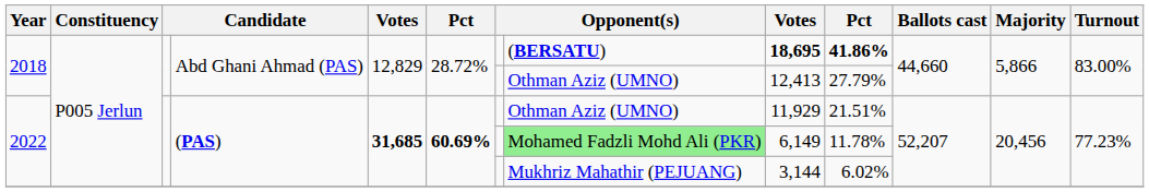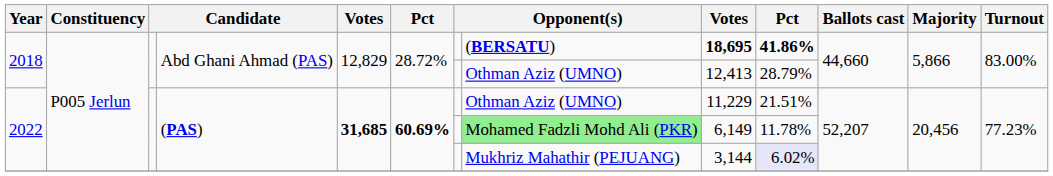 <table class="wikitable" style="margin:0.5em ; font-size:95%">
 <tr>
 <th>Year</th>
 <th>Constituency</th>
 <th colspan=2>Candidate</th>
 <th>Votes</th>
 <th>Pct</th>
 <th colspan=2>Opponent(s)</th>
 <th>Votes</th>
 <th>Pct</th>
 <th>Ballots cast</th>
 <th>Majority</th>
 <th>Turnout</th>
 </tr>
 <tr>
 <td rowspan=2><a href='#'>2018</a></td>
 <td rowspan=5>P005 <a href='#'>Jerlun</a></td>
 <td rowspan=2 ></td>
 <td rowspan=2>Abd Ghani Ahmad (<a href='#'>PAS</a>)</td>
 <td rowspan=2 align="right">12,829</td>
 <td rowspan=2>28.72%</td>
 <td></td>
 <td> (<a href='#'><strong>BERSATU</strong></a>)</td>
 <td align="right"><strong>18,695</strong></td>
 <td><strong>41.86%</strong></td>
 <td rowspan=2>44,660</td>
 <td rowspan=2>5,866</td>
 <td rowspan=2>83.00%</td>
 </tr>
 <tr>
 <td></td>
 <td><a href='#'>Othman Aziz</a> (<a href='#'>UMNO</a>)</td>
 <td align="right">12,413</td>
-<td>27.79%</td>
+<td>28.79%</td>
 </tr>
 <tr>
 <td rowspan=3><a href='#'>2022</a></td>
 <td rowspan=3 bgcolor=></td>
 <td rowspan=3> (<a href='#'><strong>PAS</strong></a>)</td>
 <td rowspan=3 align="right"><strong>31,685</strong></td>
 <td rowspan=3><strong>60.69%</strong></td>
 <td></td>
 <td><a href='#'>Othman Aziz</a> (<a href='#'>UMNO</a>)</td>
-<td align="right">11,929</td>
+<td align="right">11,229</td>
 <td>21.51%</td>
 <td rowspan=3>52,207</td>
 <td rowspan=3>20,456</td>
 <td rowspan=3>77.23%</td>
 </tr>
 <tr>
 <td></td>
 <td style="background: lightgreen;">Mohamed Fadzli Mohd Ali (<a href='#'>PKR</a>)</td>
 <td align="right">6,149</td>
 <td>11.78%</td>
 </tr>
 <tr>
 <td bgcolor=></td>
 <td><a href='#'>Mukhriz Mahathir</a> (<a href='#'>PEJUANG</a>)</td>
 <td align="right">3,144</td>
-<td align=right>6.02%</td>
+<td align=right style="background: lavender;">6.02%</td>
 </tr>
 <tr>
 </tr>
 </table>
